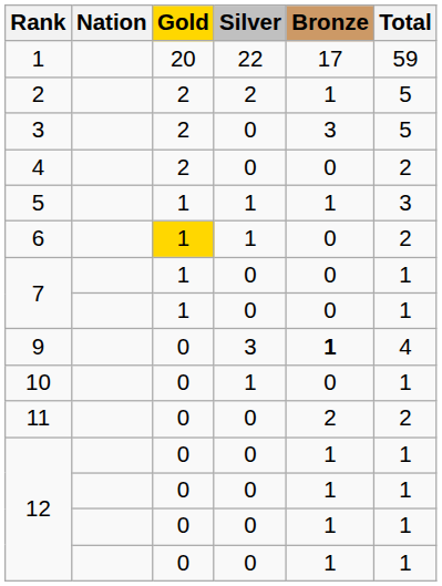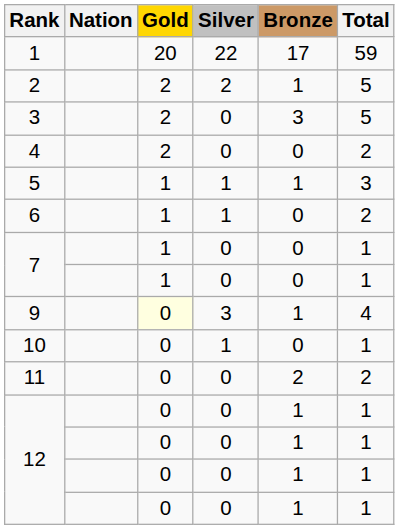 <table class="wikitable sortable" style="text-align:center">
 <tr>
 <th>Rank</th>
 <th>Nation</th>
 <th style="background-color:gold">Gold</th>
 <th style="background-color:silver">Silver</th>
 <th style="background-color:#cc9966">Bronze</th>
 <th>Total</th>
 </tr>
 <tr>
 <td>1</td>
 <td align=left></td>
 <td>20</td>
 <td>22</td>
 <td>17</td>
 <td>59</td>
 </tr>
 <tr>
 <td>2</td>
 <td align=left></td>
 <td>2</td>
 <td>2</td>
 <td>1</td>
 <td>5</td>
 </tr>
 <tr>
 <td>3</td>
 <td align="left"></td>
 <td>2</td>
 <td>0</td>
 <td>3</td>
 <td>5</td>
 </tr>
 <tr>
 <td>4</td>
 <td align="left"></td>
 <td>2</td>
 <td>0</td>
 <td>0</td>
 <td>2</td>
 </tr>
 <tr>
 <td>5</td>
 <td align="left"></td>
 <td>1</td>
 <td>1</td>
 <td>1</td>
 <td>3</td>
 </tr>
 <tr>
 <td>6</td>
 <td align="left"></td>
-<td style="background: gold;">1</td>
+<td>1</td>
 <td>1</td>
 <td>0</td>
 <td>2</td>
 </tr>
 <tr>
 <td rowspan=2>7</td>
 <td align=left></td>
 <td>1</td>
 <td>0</td>
 <td>0</td>
 <td>1</td>
 </tr>
 <tr>
 <td align=left></td>
 <td>1</td>
 <td>0</td>
 <td>0</td>
 <td>1</td>
 </tr>
 <tr>
 <td>9</td>
 <td align=left></td>
-<td>0</td>
+<td style="background: lightyellow;">0</td>
 <td>3</td>
-<td><strong>1</strong></td>
+<td>1</td>
 <td>4</td>
 </tr>
 <tr>
 <td>10</td>
 <td align=left></td>
 <td>0</td>
 <td>1</td>
 <td>0</td>
 <td>1</td>
 </tr>
 <tr>
 <td>11</td>
 <td align=left></td>
 <td>0</td>
 <td>0</td>
 <td>2</td>
 <td>2</td>
 </tr>
 <tr>
 <td rowspan=5>12</td>
 <td align=left></td>
 <td>0</td>
 <td>0</td>
 <td>1</td>
 <td>1</td>
 </tr>
 <tr>
 <td align=left></td>
 <td>0</td>
 <td>0</td>
 <td>1</td>
 <td>1</td>
 </tr>
 <tr>
 <td align=left></td>
 <td>0</td>
 <td>0</td>
 <td>1</td>
 <td>1</td>
 </tr>
 <tr>
 <td align=left></td>
 <td>0</td>
 <td>0</td>
 <td>1</td>
 <td>1</td>
 </tr>
 </table>
